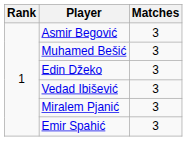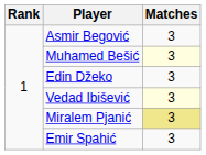 <table class="wikitable" style="text-align: left;">
 <tr>
 <th>Rank</th>
 <th>Player</th>
 <th>Matches</th>
 </tr>
 <tr>
 <td rowspan=6 align=center>1</td>
 <td><a href='#'>Asmir Begović</a></td>
 <td align=center>3</td>
 </tr>
 <tr>
 <td><a href='#'>Muhamed Bešić</a></td>
-<td align=center>3</td>
+<td align=center style="background: lightyellow;">3</td>
 </tr>
 <tr>
 <td><a href='#'>Edin Džeko</a></td>
 <td align=center>3</td>
 </tr>
 <tr>
 <td><a href='#'>Vedad Ibišević</a></td>
-<td align=center>3</td>
+<td align=center style="background: lightyellow;">3</td>
 </tr>
 <tr>
 <td><a href='#'>Miralem Pjanić</a></td>
-<td align=center>3</td>
+<td align=center style="background: khaki;">3</td>
 </tr>
 <tr>
 <td><a href='#'>Emir Spahić</a></td>
 <td align=center>3</td>
 </tr>
 </table>
